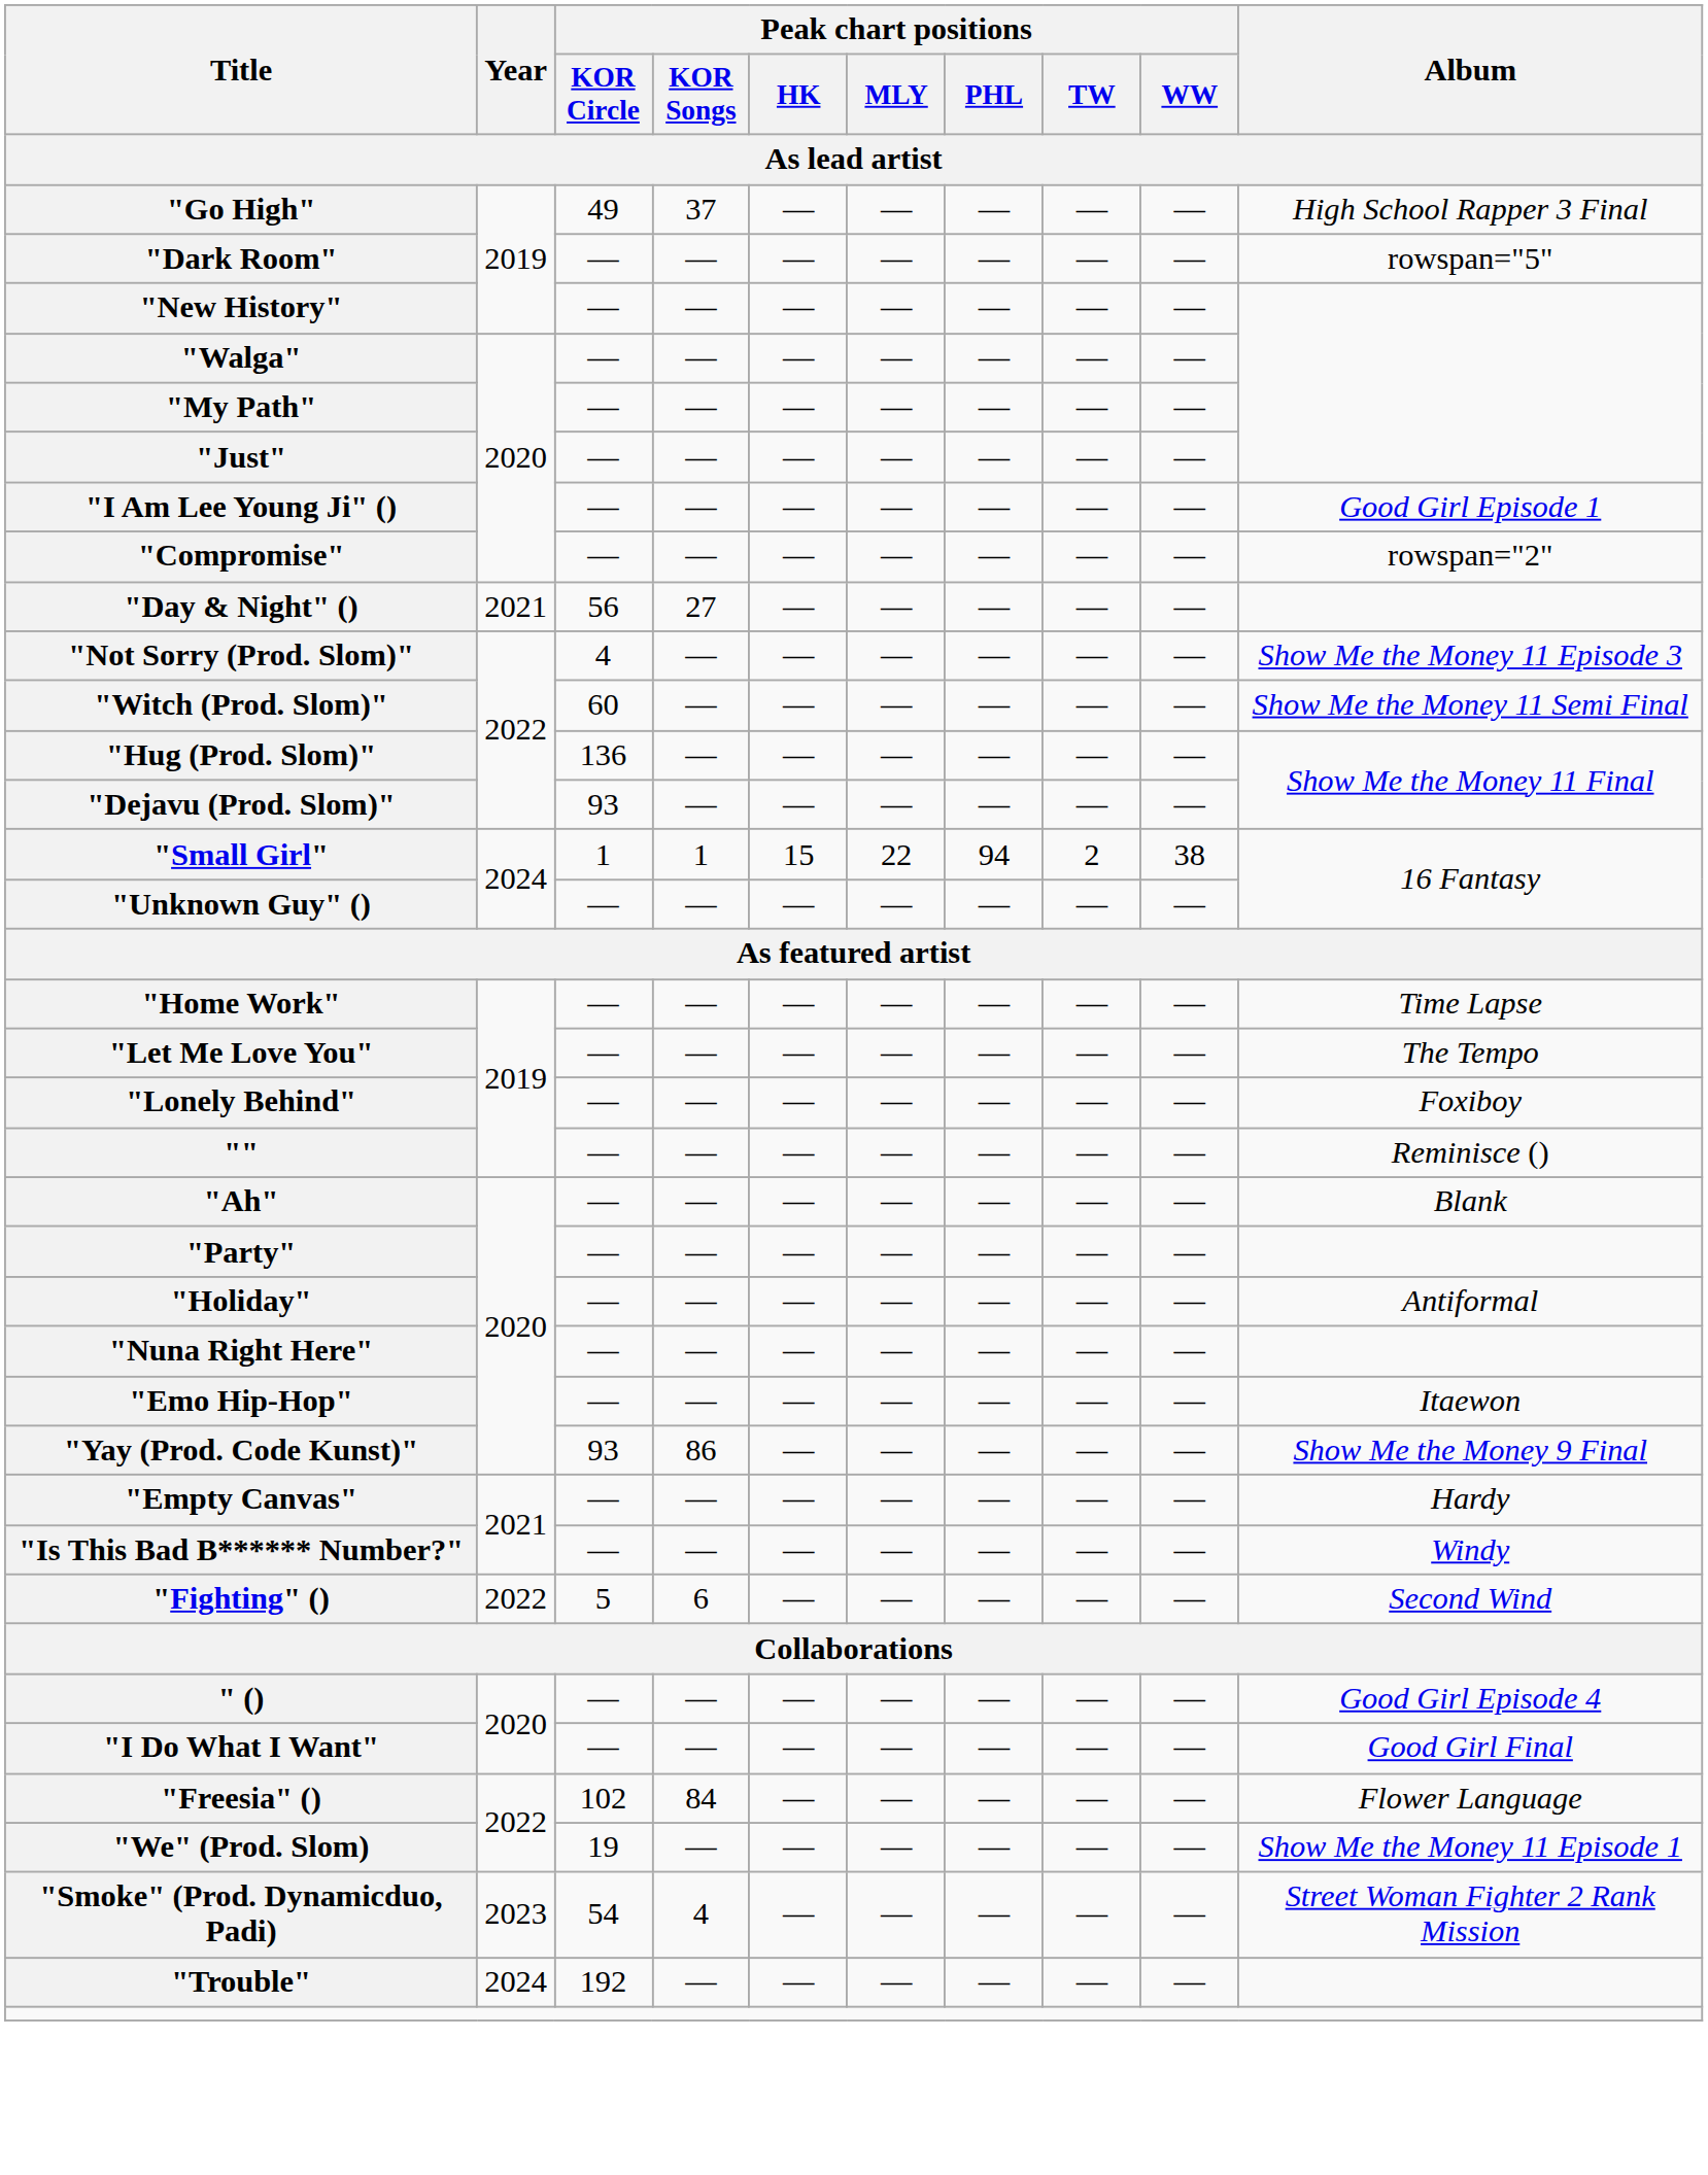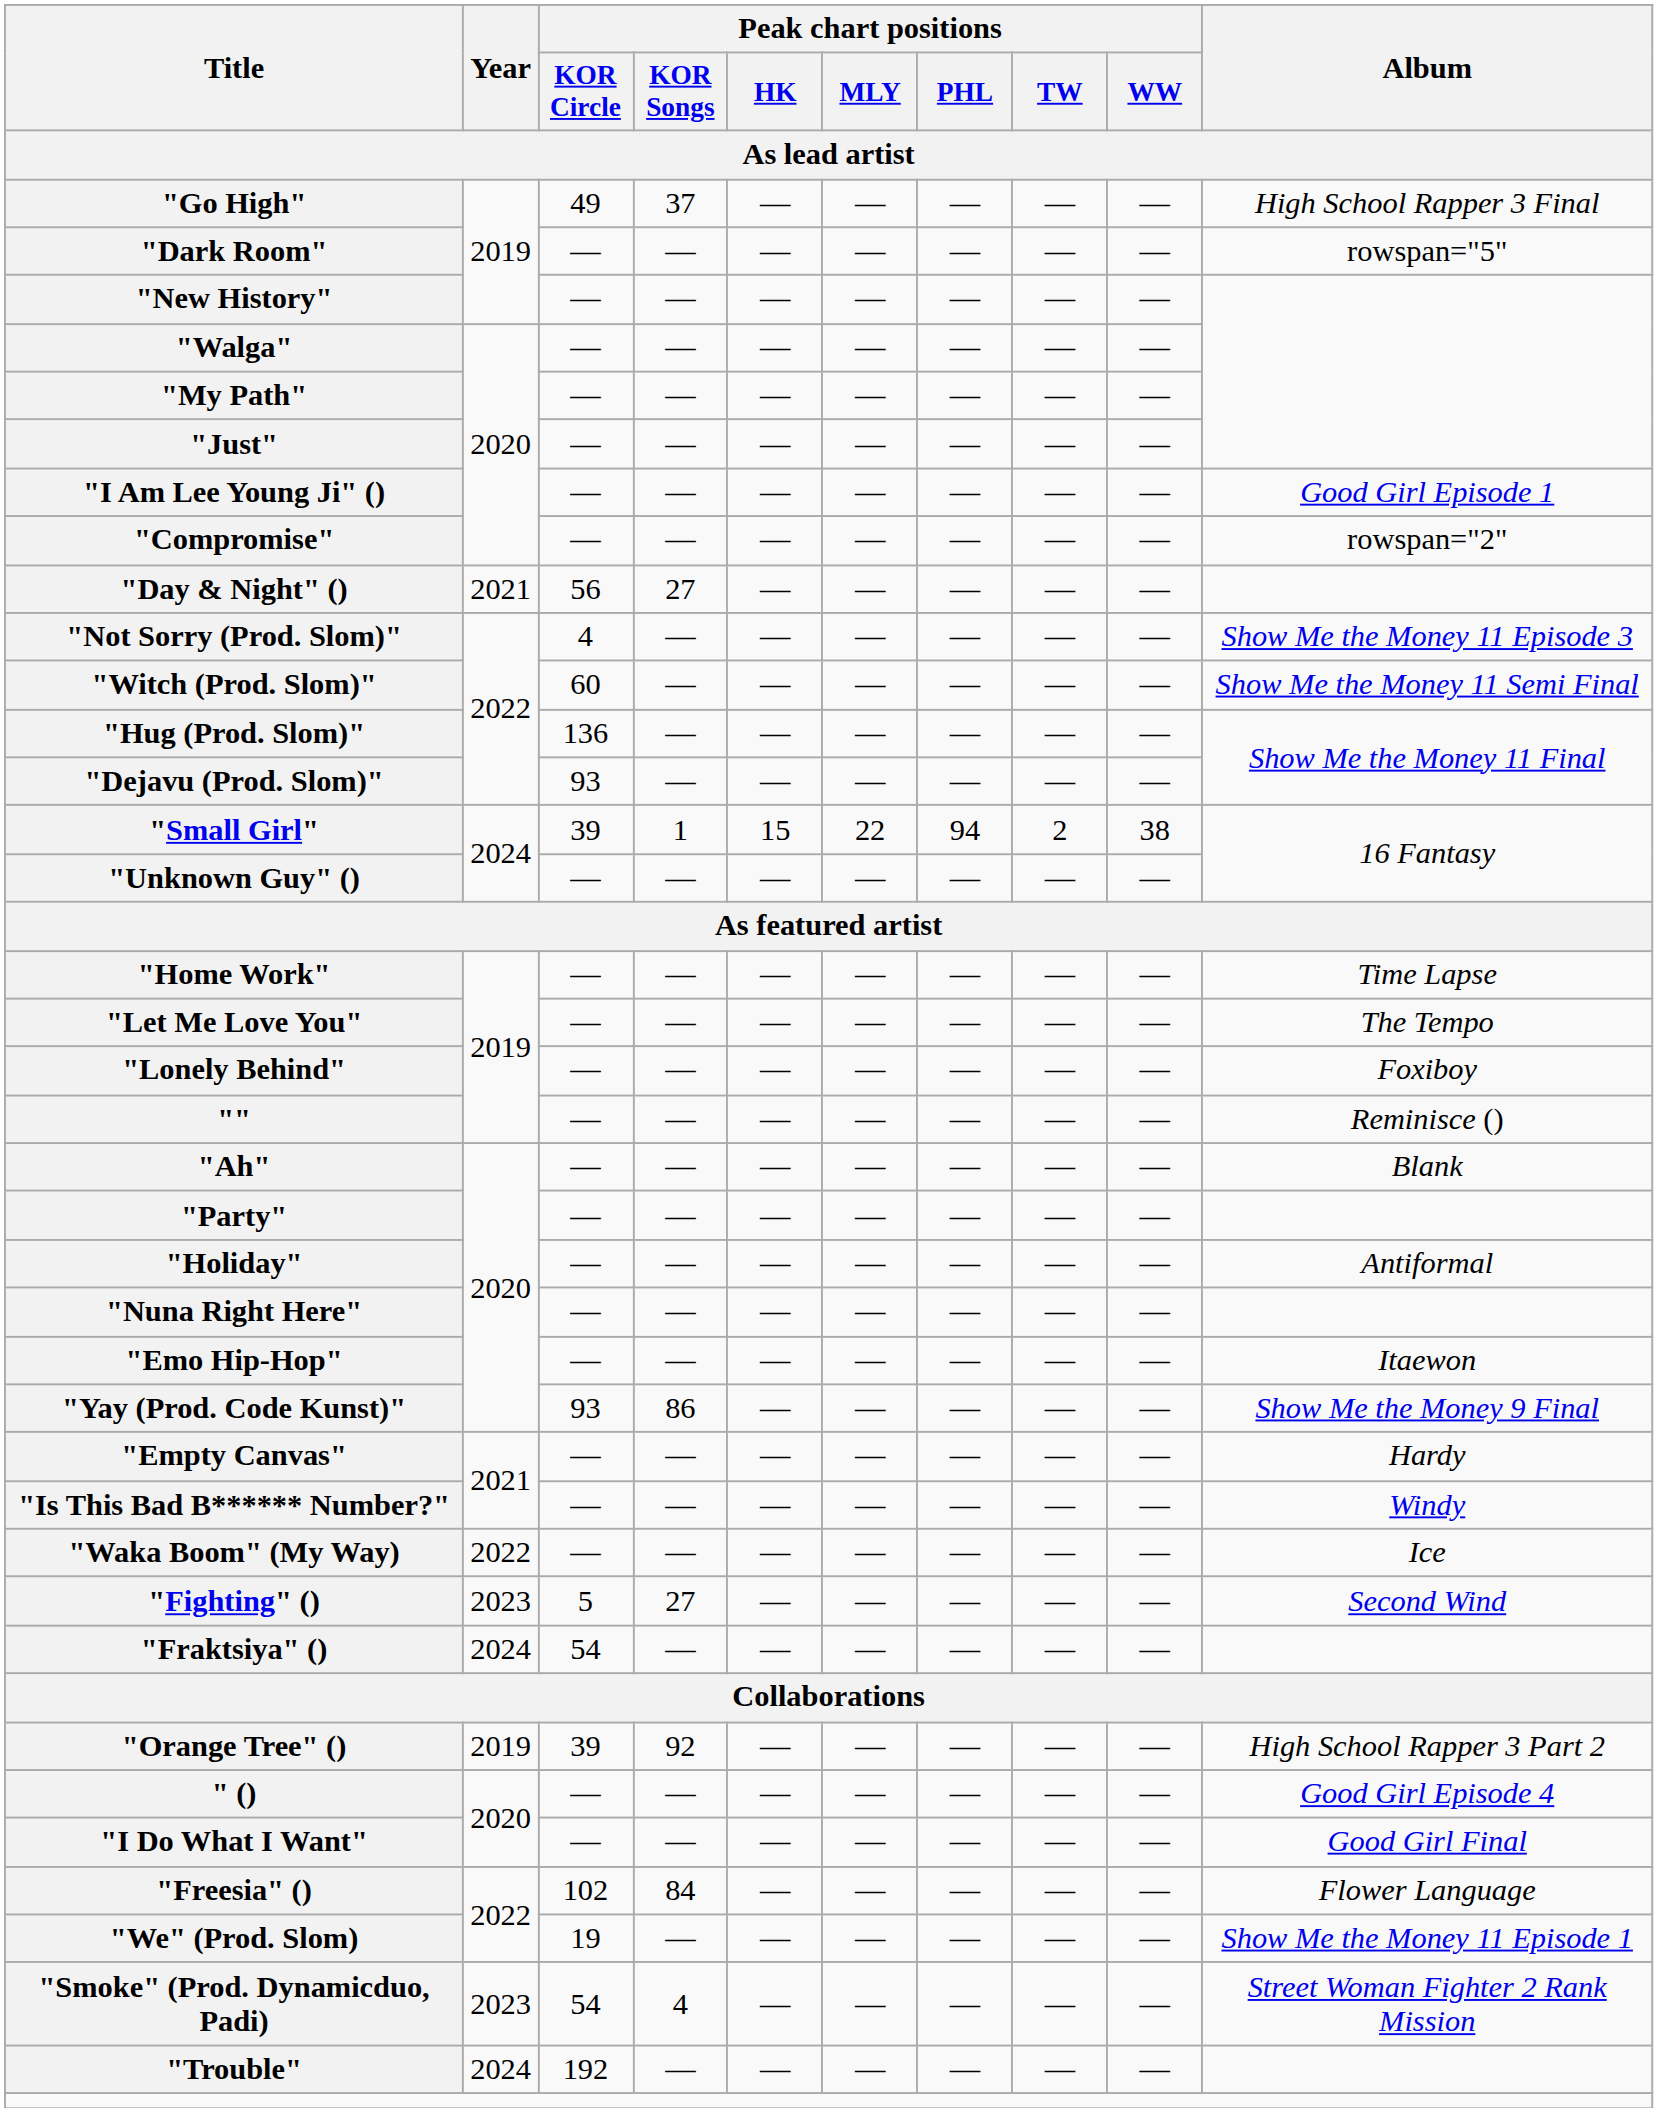 <table class="wikitable plainrowheaders" style="text-align:center">
 <tr>
 <th scope="col" rowspan="2">Title</th>
 <th scope="col" rowspan="2">Year</th>
 <th scope="col" colspan="7">Peak chart positions</th>
 <th scope="col" rowspan="2">Album</th>
 </tr>
 <tr>
 <th scope="col" style="font-size:90%; width:3em"><a href='#'>KOR<br>Circle</a><br></th>
 <th scope="col" style="font-size:90%; width:3em"><a href='#'>KOR<br>Songs</a><br></th>
 <th scope="col" style="font-size:90%; width:3em"><a href='#'>HK</a><br></th>
 <th scope="col" style="font-size:90%; width:3em"><a href='#'>MLY</a><br></th>
 <th scope="col" style="font-size:90%; width:3em"><a href='#'>PHL</a><br></th>
 <th scope="col" style="font-size:90%; width:3em"><a href='#'>TW</a><br></th>
 <th scope="col" style="font-size:90%; width:3em"><a href='#'>WW</a><br></th>
 </tr>
 <tr>
 <th scope="col" colspan="10">As lead artist</th>
 </tr>
 <tr>
 <th scope="row">"Go High"<br></th>
 <td rowspan="3">2019</td>
 <td>49</td>
 <td>37</td>
 <td>—</td>
 <td>—</td>
 <td>—</td>
 <td>—</td>
 <td>—</td>
 <td><em>High School Rapper 3 Final</em></td>
 </tr>
 <tr>
 <th scope="row">"Dark Room"</th>
 <td>—</td>
 <td>—</td>
 <td>—</td>
 <td>—</td>
 <td>—</td>
 <td>—</td>
 <td>—</td>
 <td>rowspan="5" </td>
 </tr>
 <tr>
 <th scope="row">"New History"<br></th>
 <td>—</td>
 <td>—</td>
 <td>—</td>
 <td>—</td>
 <td>—</td>
 <td>—</td>
 <td>—</td>
 </tr>
 <tr>
 <th scope="row">"Walga"</th>
 <td rowspan="5">2020</td>
 <td>—</td>
 <td>—</td>
 <td>—</td>
 <td>—</td>
 <td>—</td>
 <td>—</td>
 <td>—</td>
 </tr>
 <tr>
 <th scope="row">"My Path"</th>
 <td>—</td>
 <td>—</td>
 <td>—</td>
 <td>—</td>
 <td>—</td>
 <td>—</td>
 <td>—</td>
 </tr>
 <tr>
 <th scope="row">"Just"</th>
 <td>—</td>
 <td>—</td>
 <td>—</td>
 <td>—</td>
 <td>—</td>
 <td>—</td>
 <td>—</td>
 </tr>
 <tr>
 <th scope="row">"I Am Lee Young Ji" ()</th>
 <td>—</td>
 <td>—</td>
 <td>—</td>
 <td>—</td>
 <td>—</td>
 <td>—</td>
 <td>—</td>
 <td><em><a href='#'>Good Girl Episode 1</a></em></td>
 </tr>
 <tr>
 <th scope="row">"Compromise"</th>
 <td>—</td>
 <td>—</td>
 <td>—</td>
 <td>—</td>
 <td>—</td>
 <td>—</td>
 <td>—</td>
 <td>rowspan="2" </td>
 </tr>
 <tr>
 <th scope="row">"Day & Night" ()<br></th>
 <td>2021</td>
 <td>56</td>
 <td>27</td>
 <td>—</td>
 <td>—</td>
 <td>—</td>
 <td>—</td>
 <td>—</td>
 </tr>
 <tr>
 <th scope="row">"Not Sorry (Prod. Slom)"<br></th>
 <td rowspan="4">2022</td>
 <td>4</td>
 <td>—</td>
 <td>—</td>
 <td>—</td>
 <td>—</td>
 <td>—</td>
 <td>—</td>
 <td><em><a href='#'>Show Me the Money 11 Episode 3</a></em></td>
 </tr>
 <tr>
 <th scope="row">"Witch (Prod. Slom)"<br></th>
 <td>60</td>
 <td>—</td>
 <td>—</td>
 <td>—</td>
 <td>—</td>
 <td>—</td>
 <td>—</td>
 <td><em><a href='#'>Show Me the Money 11 Semi Final</a></em></td>
 </tr>
 <tr>
 <th scope="row">"Hug (Prod. Slom)"<br></th>
 <td>136</td>
 <td>—</td>
 <td>—</td>
 <td>—</td>
 <td>—</td>
 <td>—</td>
 <td>—</td>
 <td rowspan="2"><em><a href='#'>Show Me the Money 11 Final</a></em></td>
 </tr>
 <tr>
 <th scope="row">"Dejavu (Prod. Slom)"<br></th>
 <td>93</td>
 <td>—</td>
 <td>—</td>
 <td>—</td>
 <td>—</td>
 <td>—</td>
 <td>—</td>
 </tr>
 <tr>
 <th scope="row">"<a href='#'>Small Girl</a>"<br></th>
 <td rowspan="2">2024</td>
-<td>1</td>
+<td>39</td>
 <td>1</td>
 <td>15</td>
 <td>22</td>
 <td>94</td>
 <td>2</td>
 <td>38</td>
 <td rowspan="2"><em>16 Fantasy</em></td>
 </tr>
 <tr>
 <th scope="row">"Unknown Guy" ()</th>
 <td>—</td>
 <td>—</td>
 <td>—</td>
 <td>—</td>
 <td>—</td>
 <td>—</td>
 <td>—</td>
 </tr>
 <tr>
 <th scope="col" colspan="10">As featured artist</th>
 </tr>
 <tr>
 <th scope="row">"Home Work"<br></th>
 <td rowspan="4">2019</td>
 <td>—</td>
 <td>—</td>
 <td>—</td>
 <td>—</td>
 <td>—</td>
 <td>—</td>
 <td>—</td>
 <td><em>Time Lapse</em></td>
 </tr>
 <tr>
 <th scope="row">"Let Me Love You"<br></th>
 <td>—</td>
 <td>—</td>
 <td>—</td>
 <td>—</td>
 <td>—</td>
 <td>—</td>
 <td>—</td>
 <td><em>The Tempo</em></td>
 </tr>
 <tr>
 <th scope="row">"Lonely Behind"<br></th>
 <td>—</td>
 <td>—</td>
 <td>—</td>
 <td>—</td>
 <td>—</td>
 <td>—</td>
 <td>—</td>
 <td><em>Foxiboy</em></td>
 </tr>
 <tr>
 <th scope="row">""<br></th>
 <td>—</td>
 <td>—</td>
 <td>—</td>
 <td>—</td>
 <td>—</td>
 <td>—</td>
 <td>—</td>
 <td><em>Reminisce</em> ()</td>
 </tr>
 <tr>
 <th scope="row">"Ah"<br></th>
 <td rowspan="6">2020</td>
 <td>—</td>
 <td>—</td>
 <td>—</td>
 <td>—</td>
 <td>—</td>
 <td>—</td>
 <td>—</td>
 <td><em>Blank</em></td>
 </tr>
 <tr>
 <th scope="row">"Party"<br></th>
 <td>—</td>
 <td>—</td>
 <td>—</td>
 <td>—</td>
 <td>—</td>
 <td>—</td>
 <td>—</td>
 <td></td>
 </tr>
 <tr>
 <th scope="row">"Holiday"<br></th>
 <td>—</td>
 <td>—</td>
 <td>—</td>
 <td>—</td>
 <td>—</td>
 <td>—</td>
 <td>—</td>
 <td><em>Antiformal</em></td>
 </tr>
 <tr>
 <th scope="row">"Nuna Right Here"<br></th>
 <td>—</td>
 <td>—</td>
 <td>—</td>
 <td>—</td>
 <td>—</td>
 <td>—</td>
 <td>—</td>
 <td></td>
 </tr>
 <tr>
 <th scope="row">"Emo Hip-Hop"<br></th>
 <td>—</td>
 <td>—</td>
 <td>—</td>
 <td>—</td>
 <td>—</td>
 <td>—</td>
 <td>—</td>
 <td><em>Itaewon</em></td>
 </tr>
 <tr>
 <th scope="row">"Yay (Prod. Code Kunst)"<br></th>
 <td>93</td>
 <td>86</td>
 <td>—</td>
 <td>—</td>
 <td>—</td>
 <td>—</td>
 <td>—</td>
 <td><em><a href='#'>Show Me the Money 9 Final</a></em></td>
 </tr>
 <tr>
 <th scope="row">"Empty Canvas"<br></th>
 <td rowspan="2">2021</td>
 <td>—</td>
 <td>—</td>
 <td>—</td>
 <td>—</td>
 <td>—</td>
 <td>—</td>
 <td>—</td>
 <td><em>Hardy</em></td>
 </tr>
 <tr>
 <th scope="row">"Is This Bad B****** Number?"<br></th>
 <td>—</td>
 <td>—</td>
 <td>—</td>
 <td>—</td>
 <td>—</td>
 <td>—</td>
 <td>—</td>
 <td><em><a href='#'>Windy</a></em></td>
 </tr>
 <tr>
+<th scope="row">"Waka Boom" (My Way) <br></th>
+<td>2022</td>
+<td>—</td>
+<td>—</td>
+<td>—</td>
+<td>—</td>
+<td>—</td>
+<td>—</td>
+<td>—</td>
+<td><em>Ice</em></td>
+</tr>
+<tr>
 <th scope="row">"<a href='#'>Fighting</a>" ()<br></th>
-<td>2022</td>
+<td>2023</td>
 <td>5</td>
-<td>6</td>
+<td>27</td>
 <td>—</td>
 <td>—</td>
 <td>—</td>
 <td>—</td>
 <td>—</td>
 <td><em><a href='#'>Second Wind</a></em></td>
 </tr>
 <tr>
+<th scope="row">"Fraktsiya" ()<br></th>
+<td>2024</td>
+<td>54</td>
+<td>—</td>
+<td>—</td>
+<td>—</td>
+<td>—</td>
+<td>—</td>
+<td>—</td>
+<td></td>
+</tr>
+<tr>
 <th scope="col" colspan="10">Collaborations</th>
+</tr>
+<tr>
+<th scope="row">"Orange Tree" ()<br></th>
+<td>2019</td>
+<td>39</td>
+<td>92</td>
+<td>—</td>
+<td>—</td>
+<td>—</td>
+<td>—</td>
+<td>—</td>
+<td><em>High School Rapper 3 Part 2</em></td>
 </tr>
 <tr>
 <th scope="row">" ()<br></th>
 <td rowspan="2">2020</td>
 <td>—</td>
 <td>—</td>
 <td>—</td>
 <td>—</td>
 <td>—</td>
 <td>—</td>
 <td>—</td>
 <td><em><a href='#'>Good Girl Episode 4</a></em></td>
 </tr>
 <tr>
 <th scope="row">"I Do What I Want"<br></th>
 <td>—</td>
 <td>—</td>
 <td>—</td>
 <td>—</td>
 <td>—</td>
 <td>—</td>
 <td>—</td>
 <td><em><a href='#'>Good Girl Final</a></em></td>
 </tr>
 <tr>
 <th scope="row">"Freesia" ()<br></th>
 <td rowspan="2">2022</td>
 <td>102</td>
 <td>84</td>
 <td>—</td>
 <td>—</td>
 <td>—</td>
 <td>—</td>
 <td>—</td>
 <td><em>Flower Language</em></td>
 </tr>
 <tr>
 <th scope="row">"We" (Prod. Slom)<br></th>
 <td>19</td>
 <td>—</td>
 <td>—</td>
 <td>—</td>
 <td>—</td>
 <td>—</td>
 <td>—</td>
 <td><em><a href='#'>Show Me the Money 11 Episode 1</a></em></td>
 </tr>
 <tr>
 <th scope="row">"Smoke" (Prod. Dynamicduo, Padi)<br></th>
 <td>2023</td>
 <td>54</td>
 <td>4</td>
 <td>—</td>
 <td>—</td>
 <td>—</td>
 <td>—</td>
 <td>—</td>
 <td><em><a href='#'>Street Woman Fighter 2 Rank Mission</a></em></td>
 </tr>
 <tr>
 <th scope="row">"Trouble" <br></th>
 <td>2024</td>
 <td>192</td>
 <td>—</td>
 <td>—</td>
 <td>—</td>
 <td>—</td>
 <td>—</td>
 <td>—</td>
 <td></td>
 </tr>
 <tr>
 <td colspan="10" style="text-align:center"></td>
 </tr>
 </table>
